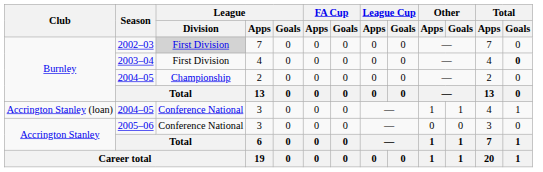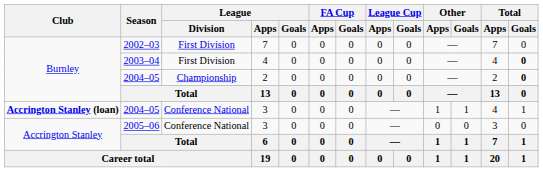 <table class="wikitable" style="text-align: center;">
 <tr>
 <th rowspan="2">Club</th>
 <th rowspan="2">Season</th>
 <th colspan="3">League</th>
 <th colspan="2"><a href='#'>FA Cup</a></th>
 <th colspan="2"><a href='#'>League Cup</a></th>
 <th colspan="2">Other</th>
 <th colspan="2">Total</th>
 </tr>
 <tr>
 <th>Division</th>
 <th>Apps</th>
 <th>Goals</th>
 <th>Apps</th>
 <th>Goals</th>
 <th>Apps</th>
 <th>Goals</th>
 <th>Apps</th>
 <th>Goals</th>
 <th>Apps</th>
 <th>Goals</th>
 </tr>
 <tr>
 <td rowspan="4"><a href='#'>Burnley</a></td>
 <td><a href='#'>2002–03</a></td>
-<td style="background: lightgrey;"><a href='#'>First Division</a></td>
+<td><a href='#'>First Division</a></td>
 <td>7</td>
 <td>0</td>
 <td>0</td>
 <td>0</td>
 <td>0</td>
 <td>0</td>
 <td colspan="2">—</td>
 <td>7</td>
 <td>0</td>
 </tr>
 <tr>
 <td><a href='#'>2003–04</a></td>
 <td>First Division</td>
 <td>4</td>
 <td>0</td>
 <td>0</td>
 <td>0</td>
 <td>0</td>
 <td>0</td>
 <td colspan="2">—</td>
 <td>4</td>
 <td><strong>0</strong></td>
 </tr>
 <tr>
 <td><a href='#'>2004–05</a></td>
 <td><a href='#'>Championship</a></td>
 <td>2</td>
 <td>0</td>
 <td>0</td>
 <td>0</td>
 <td>0</td>
 <td>0</td>
 <td colspan="2">—</td>
 <td>2</td>
-<td>0</td>
+<td><strong>0</strong></td>
 </tr>
 <tr>
 <th colspan="2">Total</th>
 <th>13</th>
 <th>0</th>
 <th>0</th>
 <th>0</th>
 <th>0</th>
 <th>0</th>
 <th colspan="2">—</th>
 <th>13</th>
 <th>0</th>
 </tr>
 <tr>
-<td rowspan="1"><a href='#'>Accrington Stanley</a> (loan)</td>
+<td rowspan="1"><strong><a href='#'>Accrington Stanley</a> (loan)</strong></td>
 <td><a href='#'>2004–05</a></td>
 <td><a href='#'>Conference National</a></td>
 <td>3</td>
 <td>0</td>
 <td>0</td>
 <td>0</td>
 <td colspan="2">—</td>
 <td>1</td>
 <td>1</td>
 <td>4</td>
 <td>1</td>
 </tr>
 <tr>
 <td rowspan="2"><a href='#'>Accrington Stanley</a></td>
 <td><a href='#'>2005–06</a></td>
 <td>Conference National</td>
 <td>3</td>
 <td>0</td>
 <td>0</td>
 <td>0</td>
 <td colspan="2">—</td>
 <td>0</td>
 <td>0</td>
 <td>3</td>
 <td>0</td>
 </tr>
 <tr>
 <th colspan="2">Total</th>
 <th>6</th>
 <th>0</th>
 <th>0</th>
 <th>0</th>
 <th colspan="2">—</th>
 <th>1</th>
 <th>1</th>
 <th>7</th>
 <th>1</th>
 </tr>
 <tr>
 <th colspan="3">Career total</th>
 <th>19</th>
 <th>0</th>
 <th>0</th>
 <th>0</th>
 <th>0</th>
 <th>0</th>
 <th>1</th>
 <th>1</th>
 <th>20</th>
 <th>1</th>
 </tr>
 </table>
